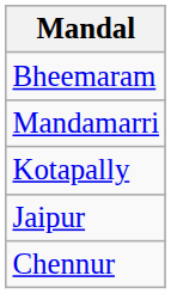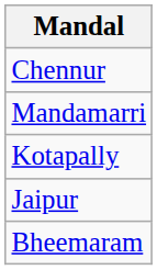 <table class="wikitable sortable static-row-numbers static-row-header-hash">
 <tr>
 <th>Mandal</th>
 </tr>
 <tr>
-<td><a href='#'>Bheemaram</a></td>
+<td><a href='#'>Chennur</a></td>
 </tr>
 <tr>
 <td><a href='#'>Mandamarri</a></td>
 </tr>
 <tr>
 <td><a href='#'>Kotapally</a></td>
 </tr>
 <tr>
 <td><a href='#'>Jaipur</a></td>
 </tr>
 <tr>
-<td><a href='#'>Chennur</a></td>
+<td><a href='#'>Bheemaram</a></td>
 </tr>
 </table>
